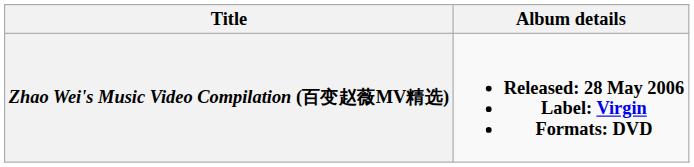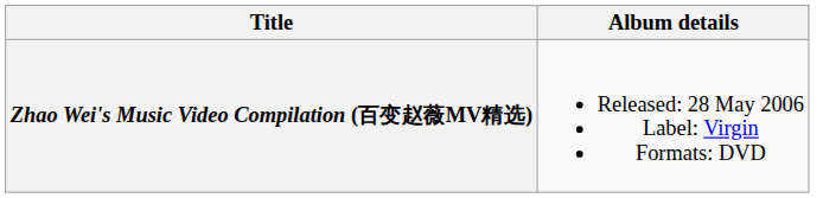 <table class="wikitable plainrowheaders" style="text-align:center;">
 <tr>
 <th>Title</th>
 <th>Album details</th>
 </tr>
 <tr>
 <th scope="row"><em>Zhao Wei's Music Video Compilation</em>  (百变赵薇MV精选)</th>
-<td><strong><br><ul><li>Released: 28 May 2006</li><li>Label: <a href='#'>Virgin</a></li><li>Formats: DVD</li></ul></strong></td>
+<td><br><ul><li>Released: 28 May 2006</li><li>Label: <a href='#'>Virgin</a></li><li>Formats: DVD</li></ul></td>
 </tr>
 </table>
